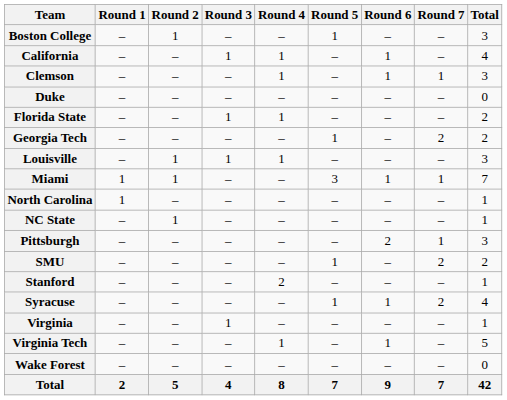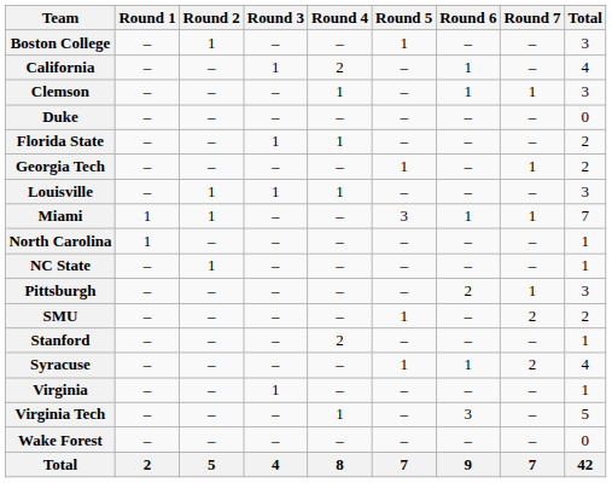 <table class="wikitable sortable" style="text-align: center;">
 <tr>
 <th>Team</th>
 <th>Round 1</th>
 <th>Round 2</th>
 <th>Round 3</th>
 <th>Round 4</th>
 <th>Round 5</th>
 <th>Round 6</th>
 <th>Round 7</th>
 <th>Total</th>
 </tr>
 <tr>
 <th>Boston College</th>
 <td>–</td>
 <td>1</td>
 <td>–</td>
 <td>–</td>
 <td>1</td>
 <td>–</td>
 <td>–</td>
 <td>3</td>
 </tr>
 <tr>
 <th>California</th>
 <td>–</td>
 <td>–</td>
 <td>1</td>
-<td>1</td>
+<td>2</td>
 <td>–</td>
 <td>1</td>
 <td>–</td>
 <td>4</td>
 </tr>
 <tr>
 <th>Clemson</th>
 <td>–</td>
 <td>–</td>
 <td>–</td>
 <td>1</td>
 <td>–</td>
 <td>1</td>
 <td>1</td>
 <td>3</td>
 </tr>
 <tr>
 <th>Duke</th>
 <td>–</td>
 <td>–</td>
 <td>–</td>
 <td>–</td>
 <td>–</td>
 <td>–</td>
 <td>–</td>
 <td>0</td>
 </tr>
 <tr>
 <th>Florida State</th>
 <td>–</td>
 <td>–</td>
 <td>1</td>
 <td>1</td>
 <td>–</td>
 <td>–</td>
 <td>–</td>
 <td>2</td>
 </tr>
 <tr>
 <th>Georgia Tech</th>
 <td>–</td>
 <td>–</td>
 <td>–</td>
 <td>–</td>
 <td>1</td>
 <td>–</td>
-<td>2</td>
+<td>1</td>
 <td>2</td>
 </tr>
 <tr>
 <th>Louisville</th>
 <td>–</td>
 <td>1</td>
 <td>1</td>
 <td>1</td>
 <td>–</td>
 <td>–</td>
 <td>–</td>
 <td>3</td>
 </tr>
 <tr>
 <th>Miami</th>
 <td>1</td>
 <td>1</td>
 <td>–</td>
 <td>–</td>
 <td>3</td>
 <td>1</td>
 <td>1</td>
 <td>7</td>
 </tr>
 <tr>
 <th>North Carolina</th>
 <td>1</td>
 <td>–</td>
 <td>–</td>
 <td>–</td>
 <td>–</td>
 <td>–</td>
 <td>–</td>
 <td>1</td>
 </tr>
 <tr>
 <th>NC State</th>
 <td>–</td>
 <td>1</td>
 <td>–</td>
 <td>–</td>
 <td>–</td>
 <td>–</td>
 <td>–</td>
 <td>1</td>
 </tr>
 <tr>
 <th>Pittsburgh</th>
 <td>–</td>
 <td>–</td>
 <td>–</td>
 <td>–</td>
 <td>–</td>
 <td>2</td>
 <td>1</td>
 <td>3</td>
 </tr>
 <tr>
 <th>SMU</th>
 <td>–</td>
 <td>–</td>
 <td>–</td>
 <td>–</td>
 <td>1</td>
 <td>–</td>
 <td>2</td>
 <td>2</td>
 </tr>
 <tr>
 <th>Stanford</th>
 <td>–</td>
 <td>–</td>
 <td>–</td>
 <td>2</td>
 <td>–</td>
 <td>–</td>
 <td>–</td>
 <td>1</td>
 </tr>
 <tr>
 <th>Syracuse</th>
 <td>–</td>
 <td>–</td>
 <td>–</td>
 <td>–</td>
 <td>1</td>
 <td>1</td>
 <td>2</td>
 <td>4</td>
 </tr>
 <tr>
 <th>Virginia</th>
 <td>–</td>
 <td>–</td>
 <td>1</td>
 <td>–</td>
 <td>–</td>
 <td>–</td>
 <td>–</td>
 <td>1</td>
 </tr>
 <tr>
 <th>Virginia Tech</th>
 <td>–</td>
 <td>–</td>
 <td>–</td>
 <td>1</td>
 <td>–</td>
-<td>1</td>
+<td>3</td>
 <td>–</td>
 <td>5</td>
 </tr>
 <tr>
 <th>Wake Forest</th>
 <td>–</td>
 <td>–</td>
 <td>–</td>
 <td>–</td>
 <td>–</td>
 <td>–</td>
 <td>–</td>
 <td>0</td>
 </tr>
 <tr>
 <th>Total</th>
 <th>2</th>
 <th>5</th>
 <th>4</th>
 <th>8</th>
 <th>7</th>
 <th>9</th>
 <th>7</th>
 <th>42</th>
 </tr>
 </table>
